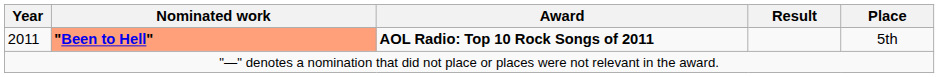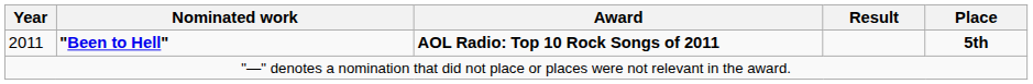 <table class="wikitable" style="width:80%;">
 <tr>
 <th style="width:5%;">Year</th>
 <th style="width:35%;">Nominated work</th>
 <th style="width:40%;">Award</th>
 <th style="width:10%;">Result</th>
 <th style="width:10%;">Place</th>
 </tr>
 <tr>
 <td>2011</td>
-<td style="background: lightsalmon;"><strong>"<a href='#'>Been to Hell</a>"</strong></td>
+<td><strong>"<a href='#'>Been to Hell</a>"</strong></td>
 <td><strong>AOL Radio: Top 10 Rock Songs of 2011</strong></td>
 <td></td>
-<td align="center">5th</td>
+<td align="center"><strong>5th</strong></td>
 </tr>
 <tr>
 <td colspan="14" style="font-size:90%" align="center">"—" denotes a nomination that did not place or places were not relevant in the award.</td>
 </tr>
 </table>
